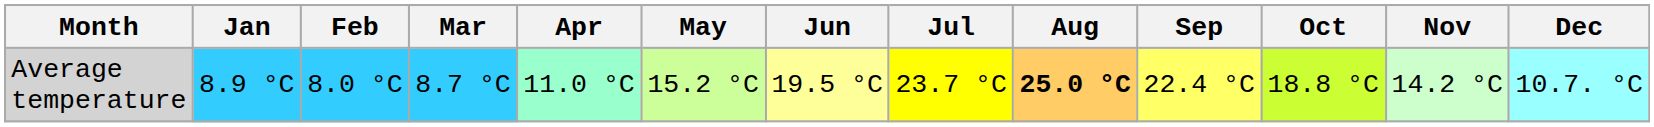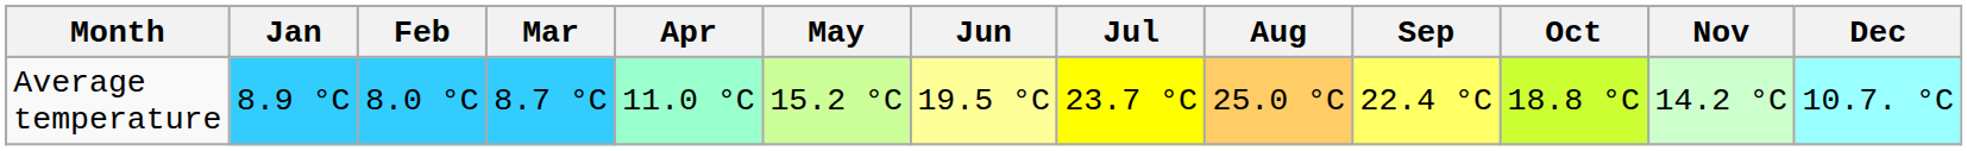 <table class="wikitable">
 <tr>
 <th><strong>Month</strong></th>
 <th><strong>Jan</strong></th>
 <th><strong>Feb</strong></th>
 <th><strong>Mar</strong></th>
 <th><strong>Apr</strong></th>
 <th><strong>May</strong></th>
 <th><strong>Jun</strong></th>
 <th><strong>Jul</strong></th>
 <th><strong>Aug</strong></th>
 <th><strong>Sep</strong></th>
 <th><strong>Oct</strong></th>
 <th><strong>Nov</strong></th>
 <th><strong>Dec</strong></th>
 </tr>
 <tr>
-<td style="background: lightgrey;">Average temperature</td>
+<td>Average temperature</td>
 <td style="background: #33CCFF; color: black;">8.9 °C</td>
 <td style="background: #33CCFF; color: black;">8.0 °C</td>
 <td style="background: #33CCFF; color: black;">8.7 °C</td>
 <td style="background: #99FFCC; color: black;">11.0 °C</td>
 <td style="background: #CCFF99; color: black;">15.2 °C</td>
 <td style="background: #FFFF99; color: black;">19.5 °C</td>
 <td style="background: #FFFF00; color: black;">23.7 °C</td>
-<td style="background: #FFCC66; color: black;"><strong>25.0 °C</strong></td>
+<td style="background: #FFCC66; color: black;">25.0 °C</td>
 <td style="background: #FFFF66; color: black;">22.4 °C</td>
 <td style="background: #CCFF33; color: black;">18.8 °C</td>
 <td style="background: #CCFFCC; color: black;">14.2 °C</td>
 <td style="background: #99FFFF; color: black;">10.7. °C</td>
 </tr>
 </table>
